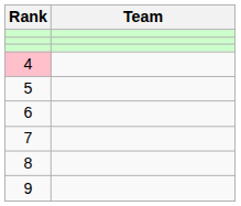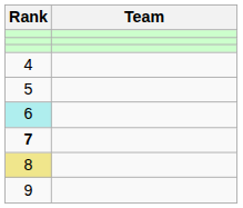 <table class="wikitable" style="text-align: center;">
 <tr>
 <th width=40>Rank</th>
 <th width=180>Team</th>
 </tr>
 <tr bgcolor=#CCFFCC>
 <td></td>
 <td align="left"></td>
 </tr>
 <tr bgcolor=#CCFFCC>
 <td></td>
 <td align="left"></td>
 </tr>
 <tr bgcolor=#CCFFCC>
 <td></td>
 <td align="left"></td>
 </tr>
 <tr>
-<td style="background: pink;">4</td>
+<td>4</td>
 <td align="left"></td>
 </tr>
 <tr -bgcolor=#CCFFCC>
 <td>5</td>
 <td align="left"></td>
 </tr>
 <tr>
-<td>6</td>
+<td style="background: paleturquoise;">6</td>
 <td align="left"></td>
 </tr>
 <tr>
-<td>7</td>
+<td><strong>7</strong></td>
 <td align="left"></td>
 </tr>
 <tr>
-<td>8</td>
+<td style="background: khaki;">8</td>
 <td align="left"></td>
 </tr>
 <tr>
 <td>9</td>
 <td align="left"></td>
 </tr>
 </table>
